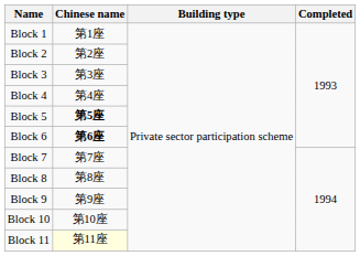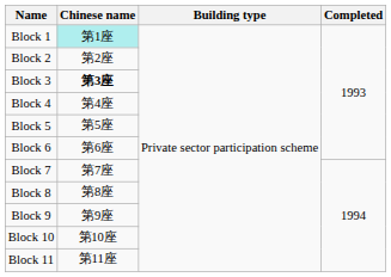 <table class="wikitable" style="text-align: center">
 <tr>
 <th>Name</th>
 <th>Chinese name</th>
 <th>Building type</th>
 <th>Completed</th>
 </tr>
 <tr>
 <td>Block 1</td>
-<td>第1座</td>
+<td style="background: paleturquoise;">第1座</td>
 <td rowspan="11">Private sector participation scheme</td>
 <td rowspan="6">1993</td>
 </tr>
 <tr>
 <td>Block 2</td>
 <td>第2座</td>
 </tr>
 <tr>
 <td>Block 3</td>
-<td>第3座</td>
+<td><strong>第3座</strong></td>
 </tr>
 <tr>
 <td>Block 4</td>
 <td>第4座</td>
 </tr>
 <tr>
 <td>Block 5</td>
-<td><strong>第5座</strong></td>
+<td>第5座</td>
 </tr>
 <tr>
 <td>Block 6</td>
-<td><strong>第6座</strong></td>
+<td>第6座</td>
 </tr>
 <tr>
 <td>Block 7</td>
 <td>第7座</td>
 <td rowspan="5">1994</td>
 </tr>
 <tr>
 <td>Block 8</td>
 <td>第8座</td>
 </tr>
 <tr>
 <td>Block 9</td>
 <td>第9座</td>
 </tr>
 <tr>
 <td>Block 10</td>
 <td>第10座</td>
 </tr>
 <tr>
 <td>Block 11</td>
-<td style="background: lightyellow;">第11座</td>
+<td>第11座</td>
 </tr>
 </table>
